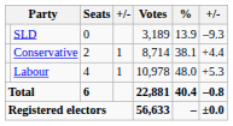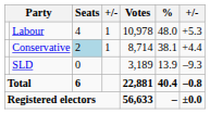 <table class="wikitable sortable">
 <tr>
 <th colspan="2">Party</th>
 <th>Seats</th>
 <th>+/-</th>
 <th>Votes</th>
 <th>%</th>
 <th>+/-</th>
 </tr>
 <tr>
 <td style="background-color: "></td>
-<td><a href='#'>SLD</a></td>
-<td>0</td>
-<td></td>
-<td style="text-align:right;">3,189</td>
-<td style="text-align:right;">13.9</td>
-<td style="text-align:right;">–9.3</td>
+<td><a href='#'>Labour</a></td>
+<td>4</td>
+<td> 1</td>
+<td style="text-align:right;">10,978</td>
+<td style="text-align:right;">48.0</td>
+<td style="text-align:right;">+5.3</td>
 </tr>
 <tr>
 <td style="background-color: "></td>
 <td><a href='#'>Conservative</a></td>
-<td>2</td>
+<td style="background: lightblue;">2</td>
 <td> 1</td>
 <td style="text-align:right;">8,714</td>
 <td style="text-align:right;">38.1</td>
 <td style="text-align:right;">+4.4</td>
 </tr>
 <tr>
 <td style="background-color: "></td>
-<td><a href='#'>Labour</a></td>
-<td>4</td>
-<td> 1</td>
-<td style="text-align:right;">10,978</td>
-<td style="text-align:right;">48.0</td>
-<td style="text-align:right;">+5.3</td>
+<td><a href='#'>SLD</a></td>
+<td>0</td>
+<td></td>
+<td style="text-align:right;">3,189</td>
+<td style="text-align:right;">13.9</td>
+<td style="text-align:right;">–9.3</td>
 </tr>
 <tr>
 <td colspan="2"><strong>Total</strong></td>
 <td><strong>6</strong></td>
 <td></td>
 <td style="text-align:right;"><strong>22,881</strong></td>
 <td style="text-align:right;"><strong>40.4</strong></td>
 <td style="text-align:right;"><strong>–0.8</strong></td>
 </tr>
 <tr>
 <td colspan="4"><strong>Registered electors</strong></td>
 <td style="text-align:right;"><strong>56,633</strong></td>
 <td style="text-align:right;"><strong>–</strong></td>
 <td style="text-align:right;"><strong>±0.0</strong></td>
 </tr>
 </table>
